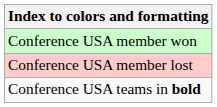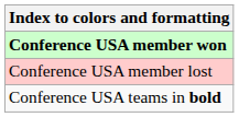 <table class="wikitable">
 <tr>
 <th>Index to colors and formatting</th>
 </tr>
 <tr bgcolor=#ccffcc>
-<td>Conference USA member won</td>
+<td><strong>Conference USA member won</strong></td>
 </tr>
 <tr bgcolor=#ffcccc>
 <td>Conference USA member lost</td>
 </tr>
 <tr>
 <td>Conference USA teams in <strong>bold</strong></td>
 </tr>
 </table>
